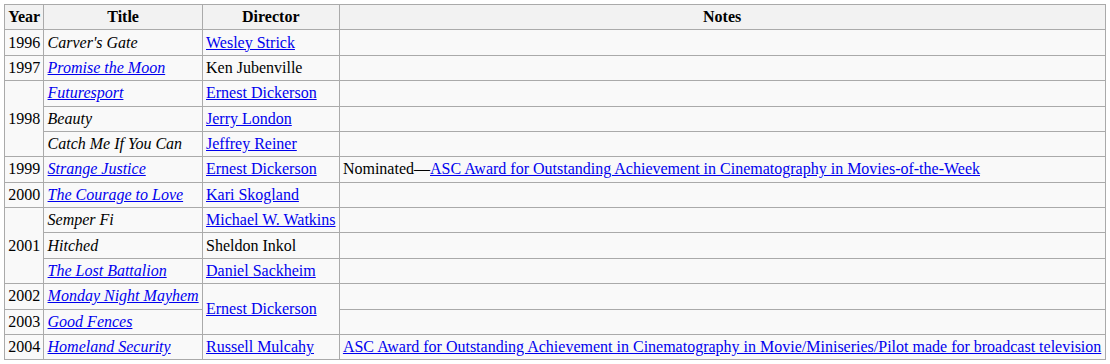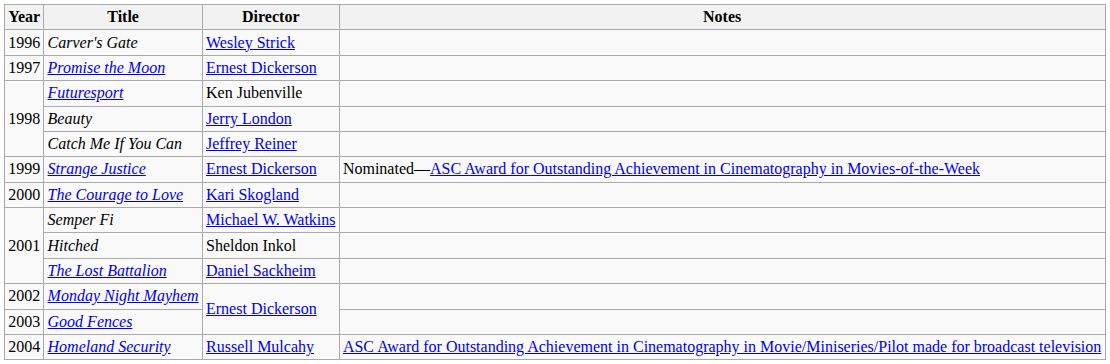 <table class="wikitable sortable">
 <tr>
 <th>Year</th>
 <th>Title</th>
 <th>Director</th>
 <th>Notes</th>
 </tr>
 <tr>
 <td>1996</td>
 <td><em>Carver's Gate</em></td>
 <td><a href='#'>Wesley Strick</a></td>
 <td></td>
 </tr>
 <tr>
 <td>1997</td>
 <td><em><a href='#'>Promise the Moon</a></em></td>
-<td>Ken Jubenville</td>
+<td><a href='#'>Ernest Dickerson</a></td>
 <td></td>
 </tr>
 <tr>
 <td rowspan="3">1998</td>
 <td><em><a href='#'>Futuresport</a></em></td>
-<td><a href='#'>Ernest Dickerson</a></td>
+<td>Ken Jubenville</td>
 <td></td>
 </tr>
 <tr>
 <td><em>Beauty</em></td>
 <td><a href='#'>Jerry London</a></td>
 <td></td>
 </tr>
 <tr>
 <td><em>Catch Me If You Can</em></td>
 <td><a href='#'>Jeffrey Reiner</a></td>
 <td></td>
 </tr>
 <tr>
 <td>1999</td>
 <td><em><a href='#'>Strange Justice</a></em></td>
 <td><a href='#'>Ernest Dickerson</a></td>
 <td>Nominated—<a href='#'>ASC Award for Outstanding Achievement in Cinematography in Movies-of-the-Week</a></td>
 </tr>
 <tr>
 <td>2000</td>
 <td><em><a href='#'>The Courage to Love</a></em></td>
 <td><a href='#'>Kari Skogland</a></td>
 <td></td>
 </tr>
 <tr>
 <td rowspan="3">2001</td>
 <td><em>Semper Fi</em></td>
 <td><a href='#'>Michael W. Watkins</a></td>
 <td></td>
 </tr>
 <tr>
 <td><em>Hitched</em></td>
 <td>Sheldon Inkol</td>
 <td></td>
 </tr>
 <tr>
 <td><em><a href='#'>The Lost Battalion</a></em></td>
 <td><a href='#'>Daniel Sackheim</a></td>
 <td></td>
 </tr>
 <tr>
 <td>2002</td>
 <td><em><a href='#'>Monday Night Mayhem</a></em></td>
 <td rowspan="2"><a href='#'>Ernest Dickerson</a></td>
 <td></td>
 </tr>
 <tr>
 <td>2003</td>
 <td><em><a href='#'>Good Fences</a></em></td>
 <td></td>
 </tr>
 <tr>
 <td>2004</td>
 <td><em><a href='#'>Homeland Security</a></em></td>
 <td><a href='#'>Russell Mulcahy</a></td>
 <td><a href='#'>ASC Award for Outstanding Achievement in Cinematography in Movie/Miniseries/Pilot made for broadcast television</a></td>
 </tr>
 </table>
